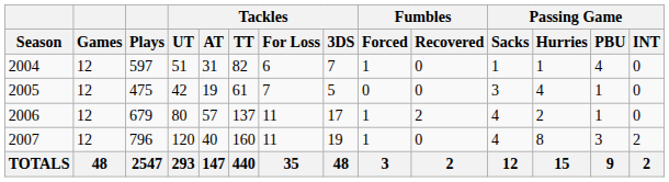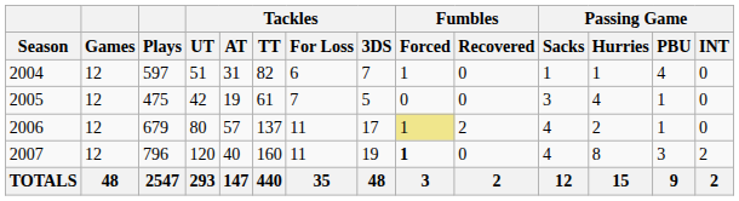 <table class="wikitable">
 <tr>
 <th></th>
 <th></th>
 <th></th>
 <th colspan="5">Tackles</th>
 <th colspan="2">Fumbles</th>
 <th colspan="4">Passing Game</th>
 </tr>
 <tr>
 <th>Season</th>
 <th>Games</th>
 <th>Plays</th>
 <th>UT</th>
 <th>AT</th>
 <th>TT</th>
 <th>For Loss</th>
 <th>3DS</th>
 <th>Forced</th>
 <th>Recovered</th>
 <th>Sacks</th>
 <th>Hurries</th>
 <th>PBU</th>
 <th>INT</th>
 </tr>
 <tr>
 <td>2004</td>
 <td>12</td>
 <td>597</td>
 <td>51</td>
 <td>31</td>
 <td>82</td>
 <td>6</td>
 <td>7</td>
 <td>1</td>
 <td>0</td>
 <td>1</td>
 <td>1</td>
 <td>4</td>
 <td>0</td>
 </tr>
 <tr>
 <td>2005</td>
 <td>12</td>
 <td>475</td>
 <td>42</td>
 <td>19</td>
 <td>61</td>
 <td>7</td>
 <td>5</td>
 <td>0</td>
 <td>0</td>
 <td>3</td>
 <td>4</td>
 <td>1</td>
 <td>0</td>
 </tr>
 <tr>
 <td>2006</td>
 <td>12</td>
 <td>679</td>
 <td>80</td>
 <td>57</td>
 <td>137</td>
 <td>11</td>
 <td>17</td>
-<td>1</td>
+<td style="background: khaki;">1</td>
 <td>2</td>
 <td>4</td>
 <td>2</td>
 <td>1</td>
 <td>0</td>
 </tr>
 <tr>
 <td>2007</td>
 <td>12</td>
 <td>796</td>
 <td>120</td>
 <td>40</td>
 <td>160</td>
 <td>11</td>
 <td>19</td>
-<td>1</td>
+<td><strong>1</strong></td>
 <td>0</td>
 <td>4</td>
 <td>8</td>
 <td>3</td>
 <td>2</td>
 </tr>
 <tr>
 <th>TOTALS</th>
 <th>48</th>
 <th>2547</th>
 <th>293</th>
 <th>147</th>
 <th>440</th>
 <th>35</th>
 <th>48</th>
 <th>3</th>
 <th>2</th>
 <th>12</th>
 <th>15</th>
 <th>9</th>
 <th>2</th>
 </tr>
 </table>
